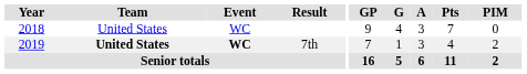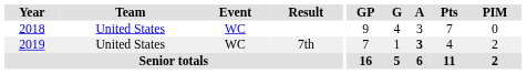 <table border="0" cellpadding="1" cellspacing="0" ID="Table3" style="text-align:center; width:40em">
 <tr ALIGN="center" bgcolor="#e0e0e0">
 <th>Year</th>
 <th>Team</th>
 <th>Event</th>
 <th>Result</th>
 <th rowspan="99" bgcolor="#ffffff"></th>
 <th>GP</th>
 <th>G</th>
 <th>A</th>
 <th>Pts</th>
 <th>PIM</th>
 </tr>
 <tr>
 <td><a href='#'>2018</a></td>
 <td><a href='#'>United States</a></td>
 <td><a href='#'>WC</a></td>
 <td></td>
 <td>9</td>
 <td>4</td>
 <td>3</td>
 <td>7</td>
 <td>0</td>
 </tr>
 <tr bgcolor="#f0f0f0">
 <td><a href='#'>2019</a></td>
-<td><strong>United States</strong></td>
-<td><strong>WC</strong></td>
+<td>United States</td>
+<td>WC</td>
 <td>7th</td>
 <td>7</td>
 <td>1</td>
-<td>3</td>
+<td><strong>3</strong></td>
 <td>4</td>
 <td>2</td>
 </tr>
 <tr bgcolor="#e0e0e0">
 <th colspan="4">Senior totals</th>
 <th>16</th>
 <th>5</th>
 <th>6</th>
 <th>11</th>
 <th>2</th>
 </tr>
 </table>
